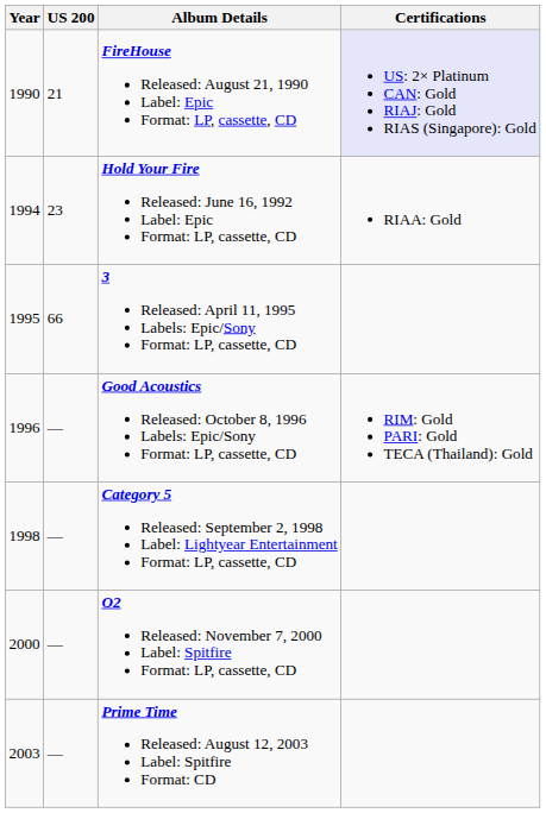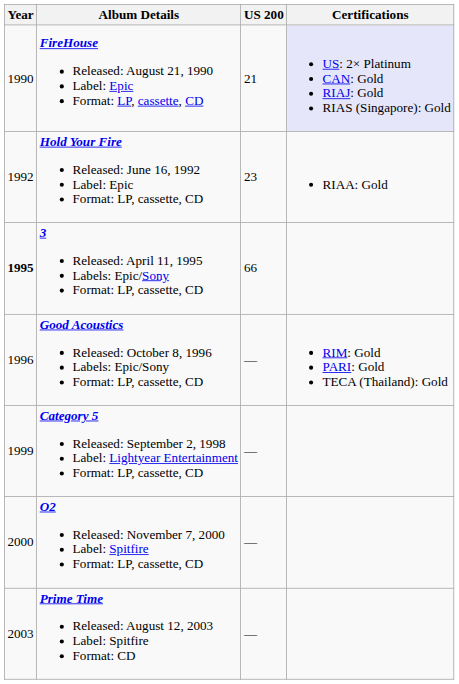 <table class="wikitable">
 <tr>
 <th>Year</th>
+<th>Album Details</th>
 <th>US 200</th>
-<th>Album Details</th>
 <th>Certifications</th>
 </tr>
 <tr>
 <td>1990</td>
+<td><a href='#'><strong><em>FireHouse</em></strong></a><br><ul><li>Released: August 21, 1990</li><li>Label: <a href='#'>Epic</a></li><li>Format: <a href='#'>LP</a>, <a href='#'>cassette</a>, <a href='#'>CD</a></li></ul></td>
 <td>21</td>
-<td><a href='#'><strong><em>FireHouse</em></strong></a><br><ul><li>Released: August 21, 1990</li><li>Label: <a href='#'>Epic</a></li><li>Format: <a href='#'>LP</a>, <a href='#'>cassette</a>, <a href='#'>CD</a></li></ul></td>
 <td style="background: lavender;"><br><ul><li><a href='#'>US</a>: 2× Platinum</li><li><a href='#'>CAN</a>: Gold</li><li><a href='#'>RIAJ</a>: Gold</li><li>RIAS (Singapore): Gold</li></ul></td>
 </tr>
 <tr>
-<td>1994</td>
+<td>1992</td>
+<td><a href='#'><strong><em>Hold Your Fire</em></strong></a><br><ul><li>Released: June 16, 1992</li><li>Label: Epic</li><li>Format: LP, cassette, CD</li></ul></td>
 <td>23</td>
-<td><a href='#'><strong><em>Hold Your Fire</em></strong></a><br><ul><li>Released: June 16, 1992</li><li>Label: Epic</li><li>Format: LP, cassette, CD</li></ul></td>
 <td><br><ul><li>RIAA: Gold</li></ul></td>
 </tr>
 <tr>
-<td>1995</td>
+<td><strong>1995</strong></td>
+<td><a href='#'><strong><em>3</em></strong></a><br><ul><li>Released: April 11, 1995</li><li>Labels: Epic/<a href='#'>Sony</a></li><li>Format: LP, cassette, CD</li></ul></td>
 <td>66</td>
-<td><a href='#'><strong><em>3</em></strong></a><br><ul><li>Released: April 11, 1995</li><li>Labels: Epic/<a href='#'>Sony</a></li><li>Format: LP, cassette, CD</li></ul></td>
 <td></td>
 </tr>
 <tr>
 <td>1996</td>
+<td><strong><em><a href='#'>Good Acoustics</a></em></strong><br><ul><li>Released: October 8, 1996</li><li>Labels: Epic/Sony</li><li>Format: LP, cassette, CD</li></ul></td>
 <td>—</td>
-<td><strong><em><a href='#'>Good Acoustics</a></em></strong><br><ul><li>Released: October 8, 1996</li><li>Labels: Epic/Sony</li><li>Format: LP, cassette, CD</li></ul></td>
 <td><br><ul><li><a href='#'>RIM</a>: Gold</li><li><a href='#'>PARI</a>: Gold</li><li>TECA (Thailand): Gold</li></ul></td>
 </tr>
 <tr>
-<td>1998</td>
+<td>1999</td>
+<td><a href='#'><strong><em>Category 5</em></strong></a><br><ul><li>Released: September 2, 1998</li><li>Label: <a href='#'>Lightyear Entertainment</a></li><li>Format: LP, cassette, CD</li></ul></td>
 <td>—</td>
-<td><a href='#'><strong><em>Category 5</em></strong></a><br><ul><li>Released: September 2, 1998</li><li>Label: <a href='#'>Lightyear Entertainment</a></li><li>Format: LP, cassette, CD</li></ul></td>
 <td></td>
 </tr>
 <tr>
 <td>2000</td>
+<td><a href='#'><strong><em>O2</em></strong></a><br><ul><li>Released: November 7, 2000</li><li>Label: <a href='#'>Spitfire</a></li><li>Format: LP, cassette, CD</li></ul></td>
 <td>—</td>
-<td><a href='#'><strong><em>O2</em></strong></a><br><ul><li>Released: November 7, 2000</li><li>Label: <a href='#'>Spitfire</a></li><li>Format: LP, cassette, CD</li></ul></td>
 <td></td>
 </tr>
 <tr>
 <td>2003</td>
+<td><a href='#'><strong><em>Prime Time</em></strong></a><br><ul><li>Released: August 12, 2003</li><li>Label: Spitfire</li><li>Format: CD</li></ul></td>
 <td>—</td>
-<td><a href='#'><strong><em>Prime Time</em></strong></a><br><ul><li>Released: August 12, 2003</li><li>Label: Spitfire</li><li>Format: CD</li></ul></td>
 <td></td>
 </tr>
 </table>
